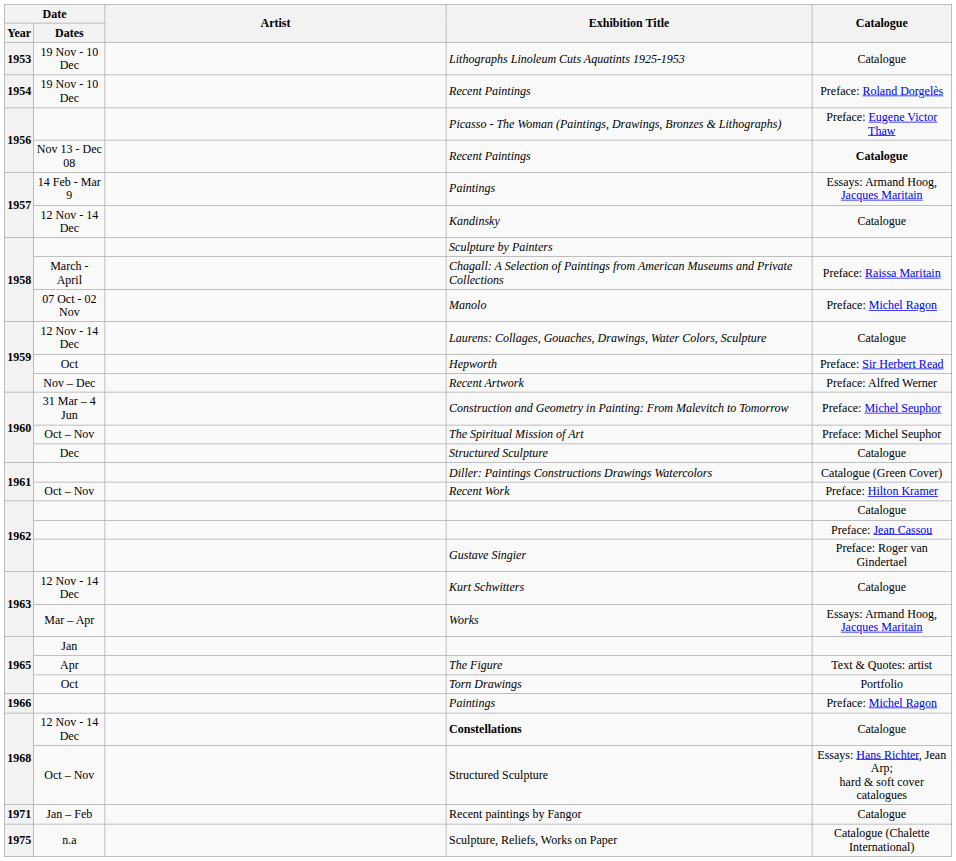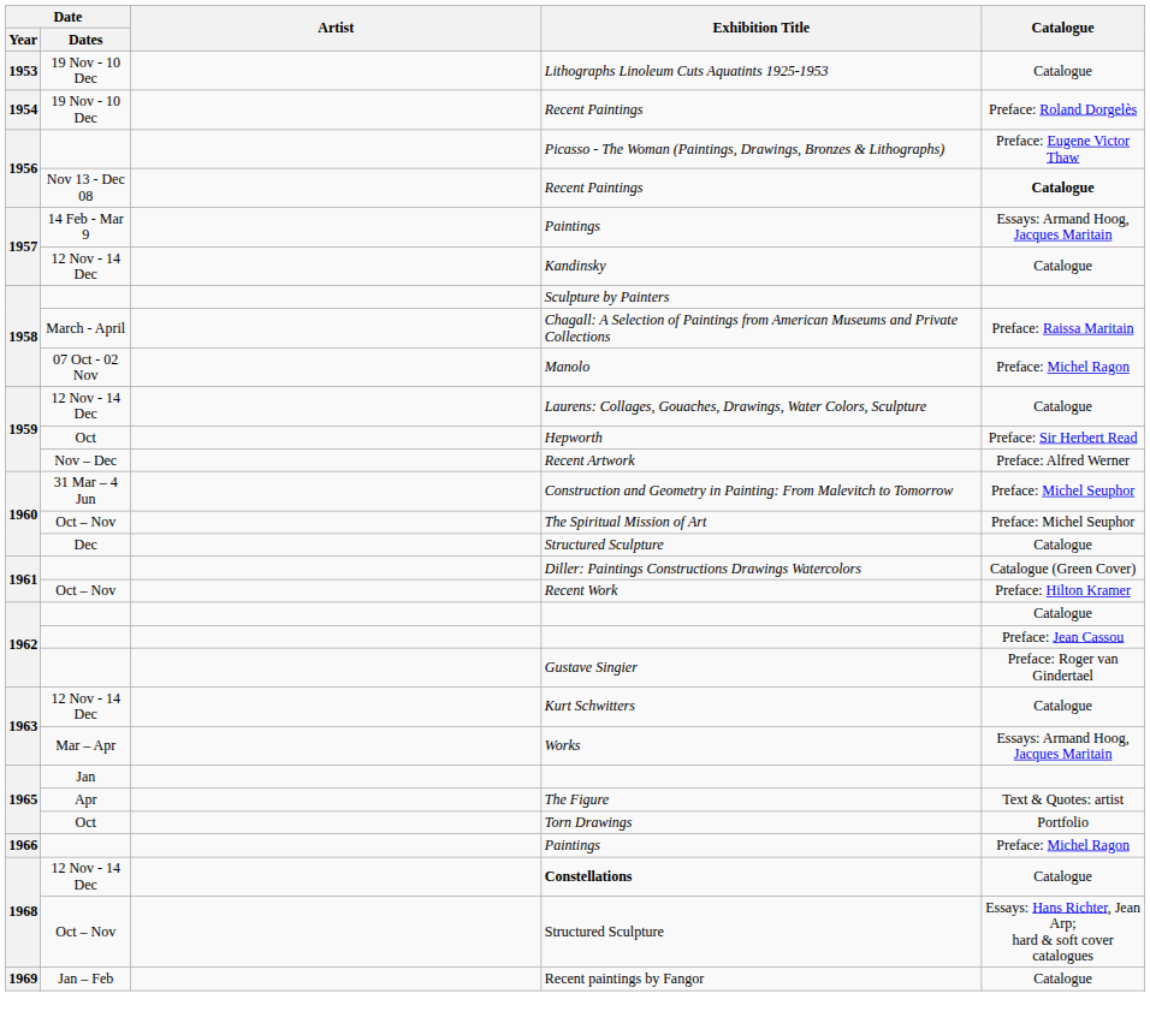 <table class="wikitable sortable mw-collapsible" style="border-spacing: 0; margin: 1em auto;">
 <tr>
 <th scope="col" class="unsortable" colspan="2">Date</th>
 <th scope="col" rowspan="2" style="width:28em;">Artist</th>
 <th scope="col" rowspan="2" style="width:30em;">Exhibition Title</th>
 <th scope="col" rowspan="2">Catalogue</th>
 </tr>
 <tr>
 <th scope="col">Year</th>
 <th scope="col" class="unsortable">Dates</th>
 </tr>
 <tr>
 <th style="text-align:center;">1953</th>
 <td style="text-align:center;">19 Nov - 10 Dec</td>
 <td></td>
 <td><em>Lithographs Linoleum Cuts Aquatints 1925-1953</em></td>
 <td style="text-align:center;">Catalogue</td>
 </tr>
 <tr>
 <th style="text-align:center;">1954</th>
 <td style="text-align:center;">19 Nov - 10 Dec</td>
 <td></td>
 <td><em>Recent Paintings</em></td>
 <td style="text-align:center;">Preface: <a href='#'>Roland Dorgelès</a></td>
 </tr>
 <tr>
 <th style="text-align:center;" rowspan="2">1956</th>
 <td style="text-align:center;"></td>
 <td></td>
 <td><em>Picasso - The Woman (Paintings, Drawings, Bronzes & Lithographs)</em></td>
 <td style="text-align:center;">Preface: <a href='#'>Eugene Victor Thaw</a></td>
 </tr>
 <tr>
 <td style="text-align:center;">Nov 13 - Dec 08</td>
 <td></td>
 <td><em>Recent Paintings</em></td>
 <td style="text-align:center;"><strong>Catalogue</strong></td>
 </tr>
 <tr>
 <th style="text-align:center;" rowspan="2">1957</th>
 <td style="text-align:center;">14 Feb - Mar 9</td>
 <td></td>
 <td><em>Paintings</em></td>
 <td style="text-align:center;">Essays: Armand Hoog,<br> <a href='#'>Jacques Maritain</a></td>
 </tr>
 <tr>
 <td style="text-align:center;">12 Nov - 14 Dec</td>
 <td></td>
 <td><em>Kandinsky</em></td>
 <td style="text-align:center;">Catalogue</td>
 </tr>
 <tr>
 <th style="text-align:center;" rowspan="3">1958</th>
 <td style="text-align:center;"></td>
 <td></td>
 <td><em>Sculpture by Painters</em></td>
 <td style="text-align:center;"></td>
 </tr>
 <tr>
 <td style="text-align:center;">March  - April</td>
 <td></td>
 <td><em>Chagall: A Selection of Paintings from American Museums and Private Collections</em></td>
 <td style="text-align:center;">Preface: <a href='#'>Raissa Maritain</a></td>
 </tr>
 <tr>
 <td style="text-align:center;">07 Oct - 02 Nov</td>
 <td></td>
 <td><em>Manolo</em></td>
 <td style="text-align:center;">Preface: <a href='#'>Michel Ragon</a></td>
 </tr>
 <tr>
 <th style="text-align:center;" rowspan="3">1959</th>
 <td style="text-align:center;">12 Nov - 14 Dec</td>
 <td></td>
 <td><em>Laurens: Collages, Gouaches, Drawings, Water Colors, Sculpture</em></td>
 <td style="text-align:center;">Catalogue</td>
 </tr>
 <tr>
 <td style="text-align:center;">Oct</td>
 <td></td>
 <td><em>Hepworth</em></td>
 <td style="text-align:center;">Preface: <a href='#'>Sir Herbert Read</a></td>
 </tr>
 <tr>
 <td style="text-align:center;">Nov – Dec</td>
 <td></td>
 <td><em>Recent Artwork</em></td>
 <td style="text-align:center;">Preface: Alfred Werner</td>
 </tr>
 <tr>
 <th style="text-align:center;" rowspan="3">1960</th>
 <td style="text-align:center;">31 Mar – 4 Jun</td>
 <td></td>
 <td><em>Construction and Geometry in Painting: From Malevitch to Tomorrow</em></td>
 <td style="text-align:center;">Preface: <a href='#'>Michel Seuphor</a></td>
 </tr>
 <tr>
 <td style="text-align:center;">Oct – Nov</td>
 <td></td>
 <td><em>The Spiritual Mission of Art</em></td>
 <td style="text-align:center;">Preface: Michel Seuphor</td>
 </tr>
 <tr>
 <td style="text-align:center;">Dec</td>
 <td></td>
 <td><em>Structured Sculpture</em></td>
 <td style="text-align:center;">Catalogue</td>
 </tr>
 <tr>
 <th style="text-align:center;" rowspan="2">1961</th>
 <td style="text-align:center;"></td>
 <td></td>
 <td><em>Diller: Paintings Constructions Drawings Watercolors</em></td>
 <td style="text-align:center;">Catalogue (Green Cover)</td>
 </tr>
 <tr>
 <td style="text-align:center;">Oct – Nov</td>
 <td></td>
 <td><em>Recent Work</em></td>
 <td style="text-align:center;">Preface: <a href='#'>Hilton Kramer</a></td>
 </tr>
 <tr>
 <th style="text-align:center;" rowspan="3">1962</th>
 <td style="text-align:center;"></td>
 <td></td>
 <td><em>  </em></td>
 <td style="text-align:center;">Catalogue</td>
 </tr>
 <tr>
 <td style="text-align:center;"></td>
 <td></td>
 <td><em>  </em></td>
 <td style="text-align:center;">Preface: <a href='#'>Jean Cassou</a></td>
 </tr>
 <tr>
 <td style="text-align:center;"></td>
 <td></td>
 <td><em>Gustave Singier</em></td>
 <td style="text-align:center;">Preface: Roger van Gindertael</td>
 </tr>
 <tr>
 <th style="text-align:center;" rowspan="2">1963</th>
 <td style="text-align:center;">12 Nov - 14 Dec</td>
 <td></td>
 <td><em>Kurt Schwitters</em></td>
 <td style="text-align:center;">Catalogue</td>
 </tr>
 <tr>
 <td style="text-align:center;">Mar – Apr</td>
 <td></td>
 <td><em>Works</em></td>
 <td style="text-align:center;">Essays: Armand Hoog,<br> <a href='#'>Jacques Maritain</a></td>
 </tr>
 <tr>
 <th style="text-align:center;" rowspan="3">1965</th>
 <td style="text-align:center;">Jan</td>
 <td></td>
 <td></td>
 <td style="text-align:center;"></td>
 </tr>
 <tr>
 <td style="text-align:center;">Apr</td>
 <td></td>
 <td><em>The Figure</em></td>
 <td style="text-align:center;">Text & Quotes: artist</td>
 </tr>
 <tr>
 <td style="text-align:center;">Oct</td>
 <td></td>
 <td><em>Torn Drawings</em></td>
 <td style="text-align:center;">Portfolio</td>
 </tr>
 <tr>
 <th style="text-align:center;" rowspan="1">1966</th>
 <td style="text-align:center;"></td>
 <td></td>
 <td><em>Paintings</em></td>
 <td style="text-align:center;">Preface: <a href='#'>Michel Ragon</a></td>
 </tr>
 <tr>
 <th style="text-align:center;" rowspan="2">1968</th>
 <td style="text-align:center;">12 Nov - 14 Dec</td>
 <td></td>
 <td><strong>Constellations<em></td>
 <td style="text-align:center;">Catalogue</td>
 </tr>
 <tr>
 <td style="text-align:center;">Oct – Nov</td>
 <td></td>
 <td></em>Structured Sculpture<em></td>
 <td style="text-align:center;">Essays: <a href='#'>Hans Richter</a>, Jean Arp;<br> hard & soft cover catalogues</td>
 </tr>
 <tr>
-<th style="text-align:center;" rowspan="1">1971</th>
+<th style="text-align:center;" rowspan="1">1969</th>
 <td style="text-align:center;">Jan – Feb</td>
 <td></td>
 <td></em>Recent paintings by Fangor<em></td>
 <td style="text-align:center;">Catalogue</td>
 </tr>
-<tr>
-<th style="text-align:center;" rowspan="1">1975</th>
-<td style="text-align:center;"></em>n.a<em></td>
-<td></td>
-<td></em>Sculpture, Reliefs, Works on Paper<em></td>
-<td style="text-align:center;">Catalogue (Chalette International)</td>
-</tr>
 </table>
